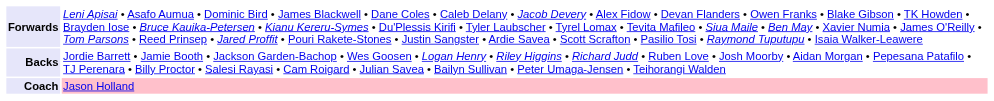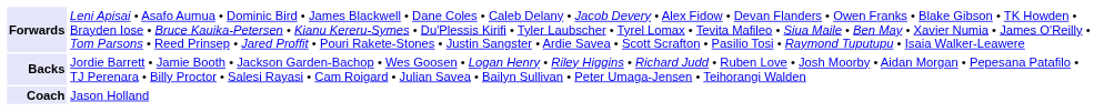 <table cellpadding="2" style="border: 1px solid white; font-size:90%">
 <tr>
 <td style="text-align:right;" bgcolor="lavender"><strong>Forwards</strong></td>
 <td style="text-align:left;"><em><a href='#'>Leni Apisai</a></em> • <a href='#'>Asafo Aumua</a> • <a href='#'>Dominic Bird</a> • <a href='#'>James Blackwell</a> • <a href='#'>Dane Coles</a> • <a href='#'>Caleb Delany</a> • <em><a href='#'>Jacob Devery</a></em> • <a href='#'>Alex Fidow</a> • <a href='#'>Devan Flanders</a> • <a href='#'>Owen Franks</a> • <a href='#'>Blake Gibson</a> • <a href='#'>TK Howden</a> • <a href='#'>Brayden Iose</a> • <em><a href='#'>Bruce Kauika-Petersen</a></em> • <em><a href='#'>Kianu Kereru-Symes</a></em> • <a href='#'>Du'Plessis Kirifi</a> • <a href='#'>Tyler Laubscher</a> • <a href='#'>Tyrel Lomax</a> • <a href='#'>Tevita Mafileo</a> • <em><a href='#'>Siua Maile</a></em> • <em><a href='#'>Ben May</a></em> • <a href='#'>Xavier Numia</a> • <a href='#'>James O'Reilly</a> • <em><a href='#'>Tom Parsons</a></em> • <a href='#'>Reed Prinsep</a> • <em><a href='#'>Jared Proffit</a></em> • <a href='#'>Pouri Rakete-Stones</a> • <a href='#'>Justin Sangster</a> • <a href='#'>Ardie Savea</a> • <a href='#'>Scott Scrafton</a> • <a href='#'>Pasilio Tosi</a> • <em><a href='#'>Raymond Tuputupu</a></em> • <a href='#'>Isaia Walker-Leawere</a></td>
 </tr>
 <tr>
 <td style="text-align:right;" bgcolor="lavender"><strong>Backs</strong></td>
 <td style="text-align:left;"><a href='#'>Jordie Barrett</a> • <a href='#'>Jamie Booth</a> • <a href='#'>Jackson Garden-Bachop</a> • <a href='#'>Wes Goosen</a> • <em><a href='#'>Logan Henry</a></em> • <em><a href='#'>Riley Higgins</a></em> • <em><a href='#'>Richard Judd</a></em> • <a href='#'>Ruben Love</a> • <a href='#'>Josh Moorby</a> • <a href='#'>Aidan Morgan</a> • <a href='#'>Pepesana Patafilo</a> • <a href='#'>TJ Perenara</a> • <a href='#'>Billy Proctor</a> • <a href='#'>Salesi Rayasi</a> • <a href='#'>Cam Roigard</a> • <a href='#'>Julian Savea</a> • <a href='#'>Bailyn Sullivan</a> • <a href='#'>Peter Umaga-Jensen</a> • <a href='#'>Teihorangi Walden</a></td>
 </tr>
 <tr>
 <td style="text-align:right;" bgcolor="lavender"><strong>Coach</strong></td>
-<td style="background: pink; text-align:left;"><a href='#'>Jason Holland</a></td>
+<td style="text-align:left;"><a href='#'>Jason Holland</a></td>
 </tr>
 </table>
